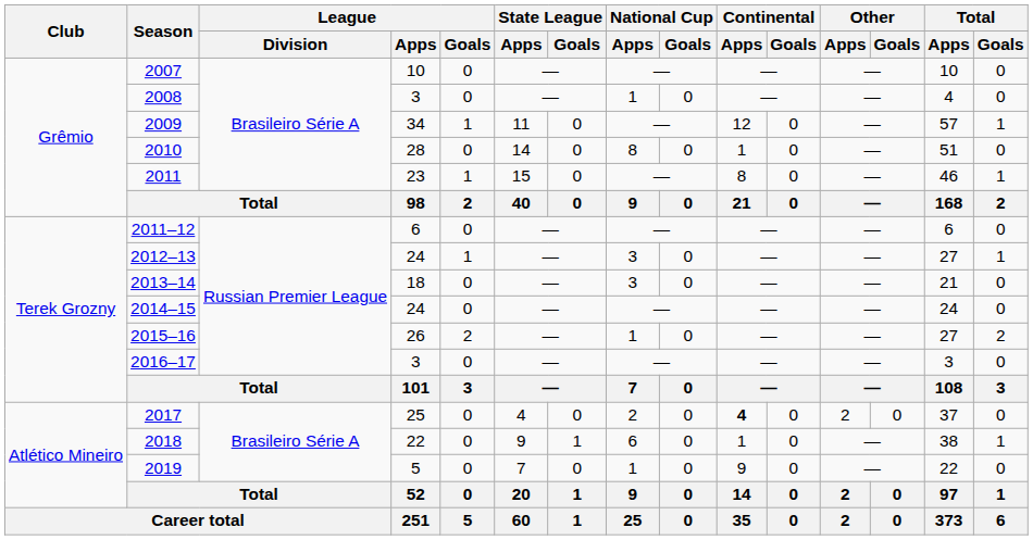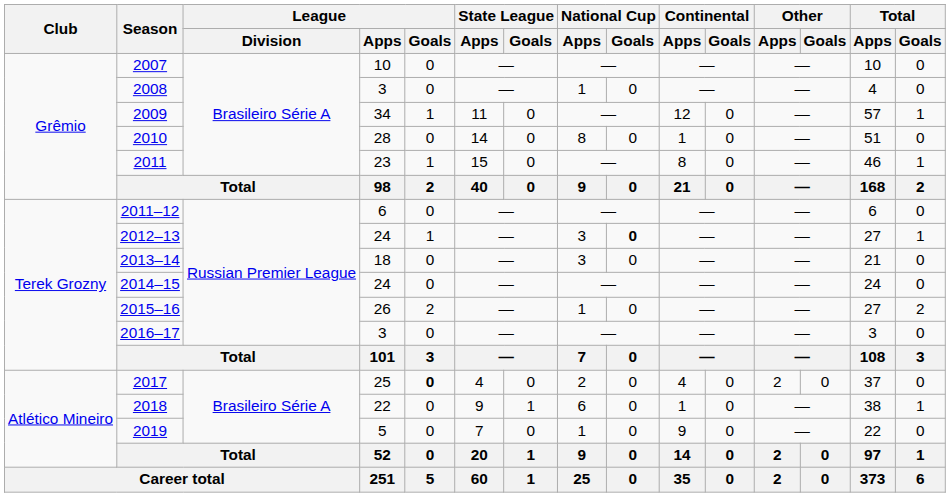 <table class="wikitable" style="text-align: center;">
 <tr>
 <th rowspan="2">Club</th>
 <th rowspan="2">Season</th>
 <th colspan="3">League</th>
 <th colspan="2">State League</th>
 <th colspan="2">National Cup</th>
 <th colspan="2">Continental</th>
 <th colspan="2">Other</th>
 <th colspan="2">Total</th>
 </tr>
 <tr>
 <th>Division</th>
 <th>Apps</th>
 <th>Goals</th>
 <th>Apps</th>
 <th>Goals</th>
 <th>Apps</th>
 <th>Goals</th>
 <th>Apps</th>
 <th>Goals</th>
 <th>Apps</th>
 <th>Goals</th>
 <th>Apps</th>
 <th>Goals</th>
 </tr>
 <tr>
 <td rowspan="6"><a href='#'>Grêmio</a></td>
 <td><a href='#'>2007</a></td>
 <td rowspan="5"><a href='#'>Brasileiro Série A</a></td>
 <td>10</td>
 <td>0</td>
 <td colspan="2">—</td>
 <td colspan="2">—</td>
 <td colspan="2">—</td>
 <td colspan="2">—</td>
 <td>10</td>
 <td>0</td>
 </tr>
 <tr>
 <td><a href='#'>2008</a></td>
 <td>3</td>
 <td>0</td>
 <td colspan="2">—</td>
 <td>1</td>
 <td>0</td>
 <td colspan="2">—</td>
 <td colspan="2">—</td>
 <td>4</td>
 <td>0</td>
 </tr>
 <tr>
 <td><a href='#'>2009</a></td>
 <td>34</td>
 <td>1</td>
 <td>11</td>
 <td>0</td>
 <td colspan="2">—</td>
 <td>12</td>
 <td>0</td>
 <td colspan="2">—</td>
 <td>57</td>
 <td>1</td>
 </tr>
 <tr>
 <td><a href='#'>2010</a></td>
 <td>28</td>
 <td>0</td>
 <td>14</td>
 <td>0</td>
 <td>8</td>
 <td>0</td>
 <td>1</td>
 <td>0</td>
 <td colspan="2">—</td>
 <td>51</td>
 <td>0</td>
 </tr>
 <tr>
 <td><a href='#'>2011</a></td>
 <td>23</td>
 <td>1</td>
 <td>15</td>
 <td>0</td>
 <td colspan="2">—</td>
 <td>8</td>
 <td>0</td>
 <td colspan="2">—</td>
 <td>46</td>
 <td>1</td>
 </tr>
 <tr>
 <th colspan="2">Total</th>
 <th>98</th>
 <th>2</th>
 <th>40</th>
 <th>0</th>
 <th>9</th>
 <th>0</th>
 <th>21</th>
 <th>0</th>
 <th colspan="2">—</th>
 <th>168</th>
 <th>2</th>
 </tr>
 <tr>
 <td rowspan="7"><a href='#'>Terek Grozny</a></td>
 <td><a href='#'>2011–12</a></td>
 <td rowspan="6"><a href='#'>Russian Premier League</a></td>
 <td>6</td>
 <td>0</td>
 <td colspan="2">—</td>
 <td colspan="2">—</td>
 <td colspan="2">—</td>
 <td colspan="2">—</td>
 <td>6</td>
 <td>0</td>
 </tr>
 <tr>
 <td><a href='#'>2012–13</a></td>
 <td>24</td>
 <td>1</td>
 <td colspan="2">—</td>
 <td>3</td>
-<td>0</td>
+<td><strong>0</strong></td>
 <td colspan="2">—</td>
 <td colspan="2">—</td>
 <td>27</td>
 <td>1</td>
 </tr>
 <tr>
 <td><a href='#'>2013–14</a></td>
 <td>18</td>
 <td>0</td>
 <td colspan="2">—</td>
 <td>3</td>
 <td>0</td>
 <td colspan="2">—</td>
 <td colspan="2">—</td>
 <td>21</td>
 <td>0</td>
 </tr>
 <tr>
 <td><a href='#'>2014–15</a></td>
 <td>24</td>
 <td>0</td>
 <td colspan="2">—</td>
 <td colspan="2">—</td>
 <td colspan="2">—</td>
 <td colspan="2">—</td>
 <td>24</td>
 <td>0</td>
 </tr>
 <tr>
 <td><a href='#'>2015–16</a></td>
 <td>26</td>
 <td>2</td>
 <td colspan="2">—</td>
 <td>1</td>
 <td>0</td>
 <td colspan="2">—</td>
 <td colspan="2">—</td>
 <td>27</td>
 <td>2</td>
 </tr>
 <tr>
 <td><a href='#'>2016–17</a></td>
 <td>3</td>
 <td>0</td>
 <td colspan="2">—</td>
 <td colspan="2">—</td>
 <td colspan="2">—</td>
 <td colspan="2">—</td>
 <td>3</td>
 <td>0</td>
 </tr>
 <tr>
 <th colspan="2">Total</th>
 <th>101</th>
 <th>3</th>
 <th colspan="2">—</th>
 <th>7</th>
 <th>0</th>
 <th colspan="2">—</th>
 <th colspan="2">—</th>
 <th>108</th>
 <th>3</th>
 </tr>
 <tr>
 <td rowspan="4"><a href='#'>Atlético Mineiro</a></td>
 <td><a href='#'>2017</a></td>
 <td rowspan="3"><a href='#'>Brasileiro Série A</a></td>
 <td>25</td>
-<td>0</td>
+<td><strong>0</strong></td>
 <td>4</td>
 <td>0</td>
 <td>2</td>
 <td>0</td>
-<td><strong>4</strong></td>
+<td>4</td>
 <td>0</td>
 <td>2</td>
 <td>0</td>
 <td>37</td>
 <td>0</td>
 </tr>
 <tr>
 <td><a href='#'>2018</a></td>
 <td>22</td>
 <td>0</td>
 <td>9</td>
 <td>1</td>
 <td>6</td>
 <td>0</td>
 <td>1</td>
 <td>0</td>
 <td colspan="2">—</td>
 <td>38</td>
 <td>1</td>
 </tr>
 <tr>
 <td><a href='#'>2019</a></td>
 <td>5</td>
 <td>0</td>
 <td>7</td>
 <td>0</td>
 <td>1</td>
 <td>0</td>
 <td>9</td>
 <td>0</td>
 <td colspan="2">—</td>
 <td>22</td>
 <td>0</td>
 </tr>
 <tr>
 <th colspan="2">Total</th>
 <th>52</th>
 <th>0</th>
 <th>20</th>
 <th>1</th>
 <th>9</th>
 <th>0</th>
 <th>14</th>
 <th>0</th>
 <th>2</th>
 <th>0</th>
 <th>97</th>
 <th>1</th>
 </tr>
 <tr>
 <th colspan="3">Career total</th>
 <th>251</th>
 <th>5</th>
 <th>60</th>
 <th>1</th>
 <th>25</th>
 <th>0</th>
 <th>35</th>
 <th>0</th>
 <th>2</th>
 <th>0</th>
 <th>373</th>
 <th>6</th>
 </tr>
 </table>
